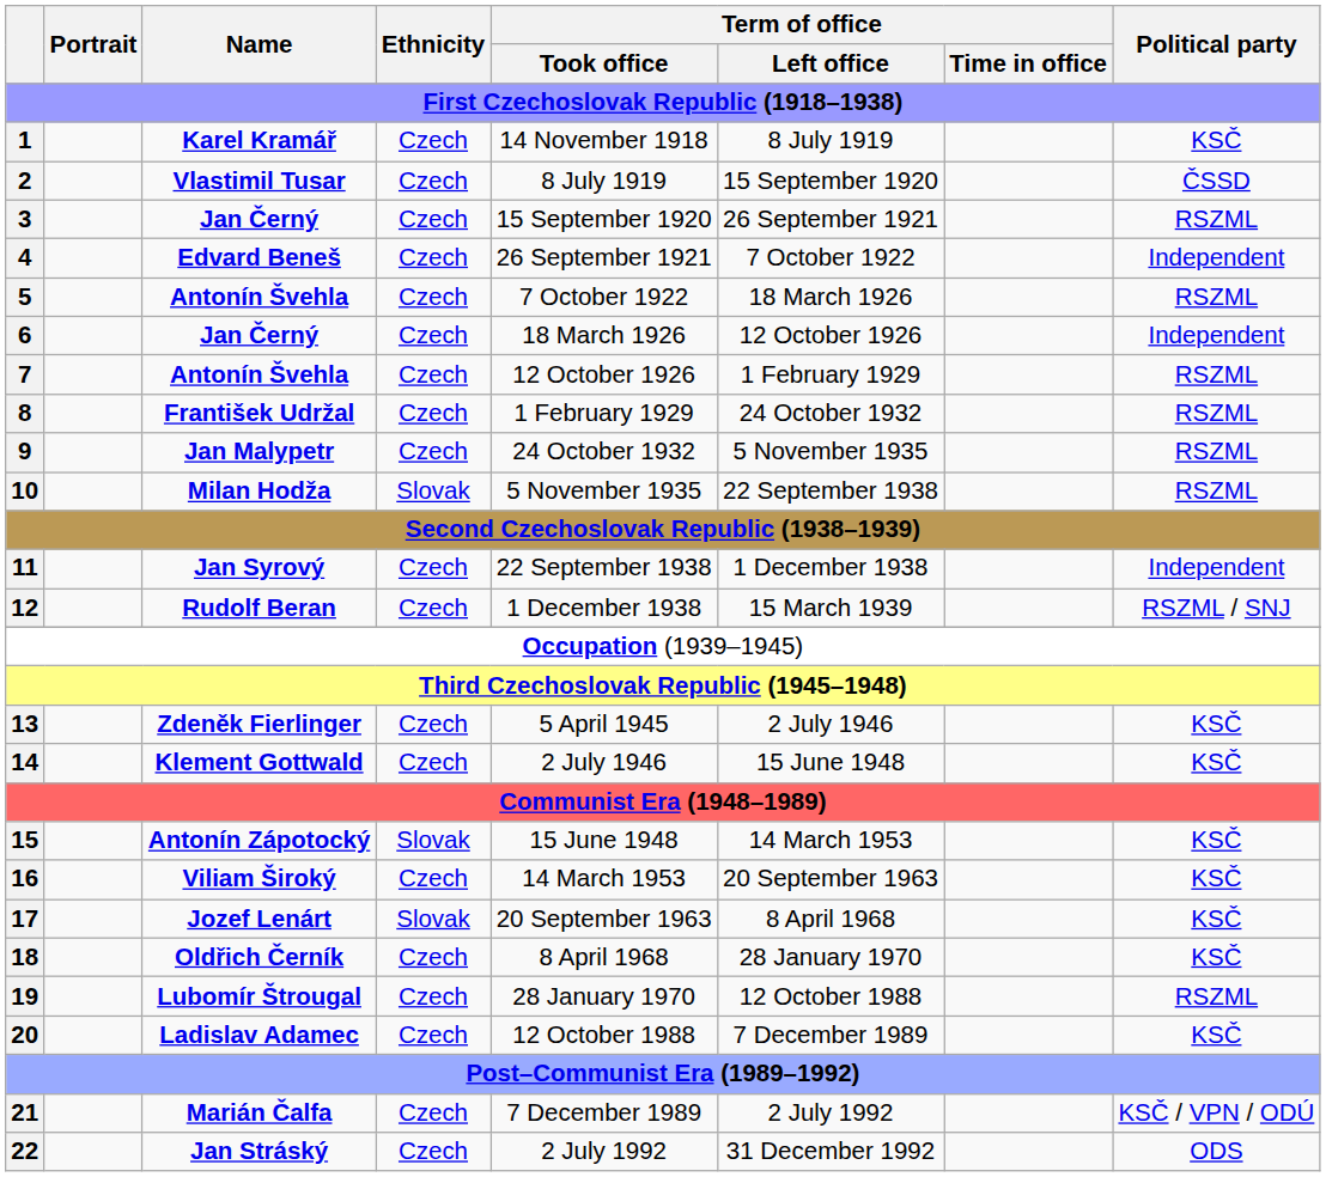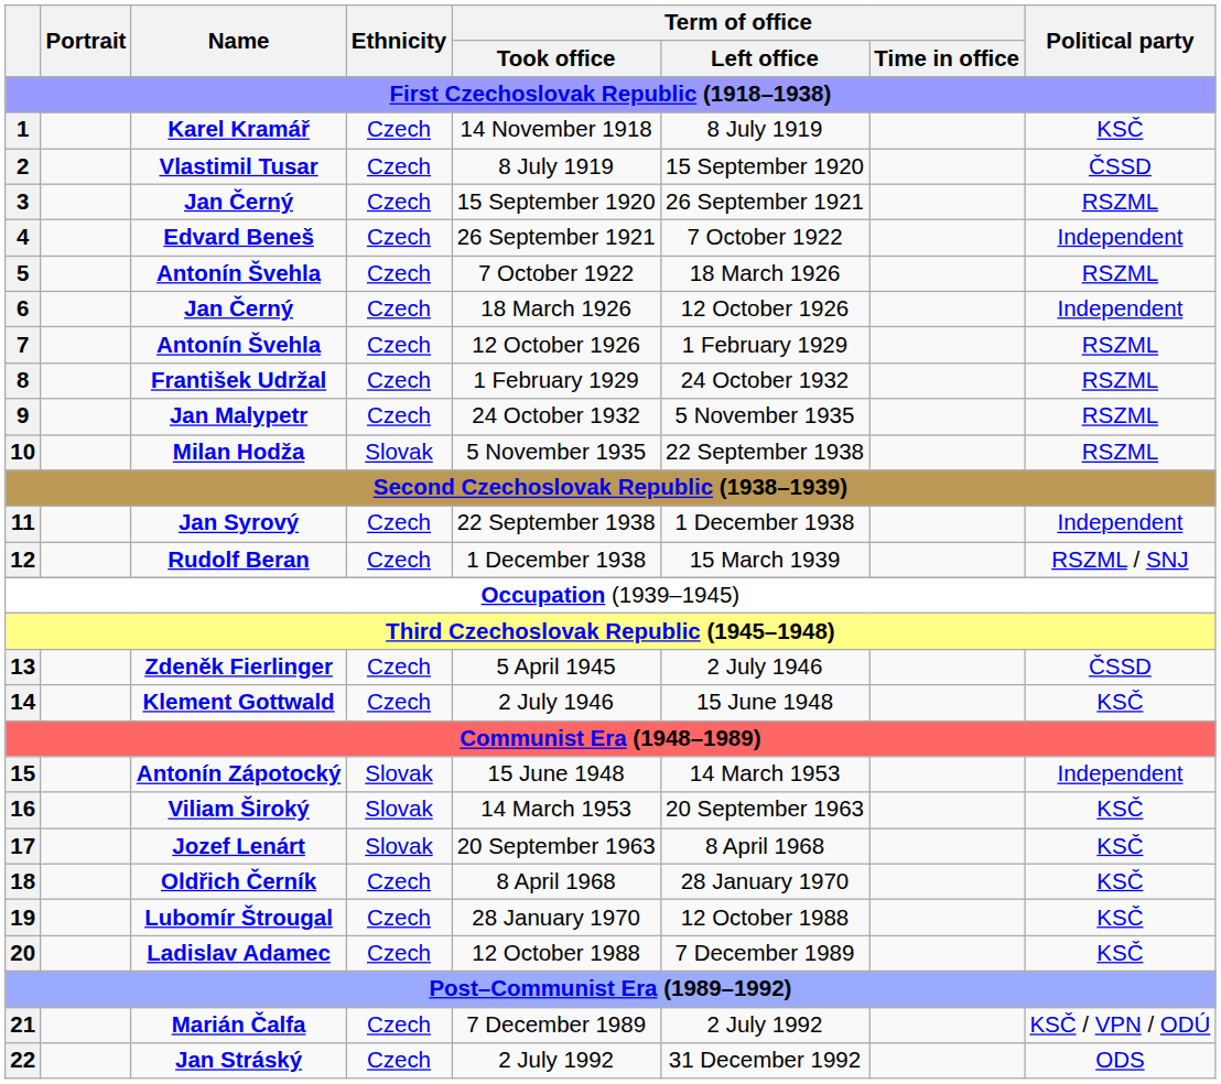 <table class="wikitable" style="text-align:center">
 <tr>
 <th rowspan="2"></th>
 <th rowspan="2">Portrait</th>
 <th rowspan="2">Name</th>
 <th rowspan="2">Ethnicity</th>
 <th colspan="3">Term of office</th>
 <th rowspan="2">Political party</th>
 </tr>
 <tr>
 <th>Took office</th>
 <th>Left office</th>
 <th>Time in office</th>
 </tr>
 <tr>
 <td colspan="8" style="background:#9999FF;"><strong><a href='#'>First Czechoslovak Republic</a> (1918–1938)</strong></td>
 </tr>
 <tr>
 <th style="background:">1</th>
 <td></td>
 <td><strong><a href='#'>Karel Kramář</a></strong><br></td>
 <td><a href='#'>Czech</a></td>
 <td>14 November 1918</td>
 <td>8 July 1919</td>
 <td></td>
 <td><a href='#'>KSČ</a></td>
 </tr>
 <tr>
 <th style="background:">2</th>
 <td></td>
 <td><strong><a href='#'>Vlastimil Tusar</a></strong><br></td>
 <td><a href='#'>Czech</a></td>
 <td>8 July 1919</td>
 <td>15 September 1920</td>
 <td></td>
 <td><a href='#'>ČSSD</a></td>
 </tr>
 <tr>
 <th style="background:">3</th>
 <td></td>
 <td><strong><a href='#'>Jan Černý</a></strong><br></td>
 <td><a href='#'>Czech</a></td>
 <td>15 September 1920</td>
 <td>26 September 1921</td>
 <td></td>
 <td><a href='#'>RSZML</a></td>
 </tr>
 <tr>
 <th style="background:">4</th>
 <td></td>
 <td><strong><a href='#'>Edvard Beneš</a></strong><br></td>
 <td><a href='#'>Czech</a></td>
 <td>26 September 1921</td>
 <td>7 October 1922</td>
 <td></td>
 <td><a href='#'>Independent</a></td>
 </tr>
 <tr>
 <th style="background:">5</th>
 <td></td>
 <td><strong><a href='#'>Antonín Švehla</a></strong><br></td>
 <td><a href='#'>Czech</a></td>
 <td>7 October 1922</td>
 <td>18 March 1926</td>
 <td></td>
 <td><a href='#'>RSZML</a></td>
 </tr>
 <tr>
 <th style="background:">6</th>
 <td></td>
 <td><strong><a href='#'>Jan Černý</a></strong><br></td>
 <td><a href='#'>Czech</a></td>
 <td>18 March 1926</td>
 <td>12 October 1926</td>
 <td></td>
 <td><a href='#'>Independent</a></td>
 </tr>
 <tr>
 <th style="background:">7</th>
 <td></td>
 <td><strong><a href='#'>Antonín Švehla</a></strong><br></td>
 <td><a href='#'>Czech</a></td>
 <td>12 October 1926</td>
 <td>1 February 1929</td>
 <td></td>
 <td><a href='#'>RSZML</a></td>
 </tr>
 <tr>
 <th style="background:">8</th>
 <td></td>
 <td><strong><a href='#'>František Udržal</a></strong><br></td>
 <td><a href='#'>Czech</a></td>
 <td>1 February 1929</td>
 <td>24 October 1932</td>
 <td></td>
 <td><a href='#'>RSZML</a></td>
 </tr>
 <tr>
 <th style="background:">9</th>
 <td></td>
 <td><strong><a href='#'>Jan Malypetr</a></strong><br></td>
 <td><a href='#'>Czech</a></td>
 <td>24 October 1932</td>
 <td>5 November 1935</td>
 <td></td>
 <td><a href='#'>RSZML</a></td>
 </tr>
 <tr>
 <th style="background:">10</th>
 <td></td>
 <td><strong><a href='#'>Milan Hodža</a></strong><br></td>
 <td><a href='#'>Slovak</a></td>
 <td>5 November 1935</td>
 <td>22 September 1938</td>
 <td></td>
 <td><a href='#'>RSZML</a></td>
 </tr>
 <tr>
 <td colspan="8" style="background:#BB9955;"><strong><a href='#'>Second Czechoslovak Republic</a> (1938–1939)</strong></td>
 </tr>
 <tr>
 <th style="background:">11</th>
 <td></td>
 <td><strong><a href='#'>Jan Syrový</a></strong><br></td>
 <td><a href='#'>Czech</a></td>
 <td>22 September 1938</td>
 <td>1 December 1938</td>
 <td></td>
 <td><a href='#'>Independent</a></td>
 </tr>
 <tr>
 <th style="background:">12</th>
 <td></td>
 <td><strong><a href='#'>Rudolf Beran</a></strong><br></td>
 <td><a href='#'>Czech</a></td>
 <td>1 December 1938</td>
 <td>15 March 1939</td>
 <td></td>
 <td><a href='#'>RSZML</a> / <a href='#'>SNJ</a></td>
 </tr>
 <tr style="background:#FFEEEE;">
 </tr>
 <tr>
 <td colspan="8" style="background:#FFFFFF;"><strong><a href='#'>Occupation</a></strong> (1939–1945)<br></td>
 </tr>
 <tr>
 <td colspan="8" style="background:#FFFF88;"><strong><a href='#'>Third Czechoslovak Republic</a> (1945–1948)</strong></td>
 </tr>
 <tr>
 <th style="background:">13</th>
 <td></td>
 <td><strong><a href='#'>Zdeněk Fierlinger</a></strong><br></td>
 <td><a href='#'>Czech</a></td>
 <td>5 April 1945</td>
 <td>2 July 1946</td>
 <td></td>
-<td><a href='#'>KSČ</a></td>
+<td><a href='#'>ČSSD</a></td>
 </tr>
 <tr>
 <th style="background:">14</th>
 <td></td>
 <td><strong><a href='#'>Klement Gottwald</a></strong><br></td>
 <td><a href='#'>Czech</a></td>
 <td>2 July 1946</td>
 <td>15 June 1948</td>
 <td></td>
 <td><a href='#'>KSČ</a></td>
 </tr>
 <tr>
 <td colspan="8" style="background:#FF6666;"><strong><a href='#'>Communist Era</a> (1948–1989)</strong><br></td>
 </tr>
 <tr>
 <th style="background:">15</th>
 <td></td>
 <td><strong><a href='#'>Antonín Zápotocký</a></strong><br></td>
 <td><a href='#'>Slovak</a></td>
 <td>15 June 1948</td>
 <td>14 March 1953</td>
 <td></td>
-<td><a href='#'>KSČ</a></td>
+<td><a href='#'>Independent</a></td>
 </tr>
 <tr>
 <th style="background:">16</th>
 <td></td>
 <td><strong><a href='#'>Viliam Široký</a></strong><br></td>
-<td><a href='#'>Czech</a></td>
+<td><a href='#'>Slovak</a></td>
 <td>14 March 1953</td>
 <td>20 September 1963</td>
 <td></td>
 <td><a href='#'>KSČ</a></td>
 </tr>
 <tr>
 <th style="background:">17</th>
 <td></td>
 <td><strong><a href='#'>Jozef Lenárt</a></strong><br></td>
 <td><a href='#'>Slovak</a></td>
 <td>20 September 1963</td>
 <td>8 April 1968</td>
 <td></td>
 <td><a href='#'>KSČ</a></td>
 </tr>
 <tr>
 <th style="background:">18</th>
 <td></td>
 <td><strong><a href='#'>Oldřich Černík</a></strong><br></td>
 <td><a href='#'>Czech</a></td>
 <td>8 April 1968</td>
 <td>28 January 1970</td>
 <td></td>
 <td><a href='#'>KSČ</a></td>
 </tr>
 <tr>
 <th style="background:">19</th>
 <td></td>
 <td><strong><a href='#'>Lubomír Štrougal</a></strong><br></td>
 <td><a href='#'>Czech</a></td>
 <td>28 January 1970</td>
 <td>12 October 1988</td>
 <td></td>
-<td><a href='#'>RSZML</a></td>
+<td><a href='#'>KSČ</a></td>
 </tr>
 <tr>
 <th style="background:">20</th>
 <td></td>
 <td><strong><a href='#'>Ladislav Adamec</a></strong><br></td>
 <td><a href='#'>Czech</a></td>
 <td>12 October 1988</td>
 <td>7 December 1989</td>
 <td></td>
 <td><a href='#'>KSČ</a></td>
 </tr>
 <tr>
 <td colspan="8" style="background:#99AAFF;"><strong><a href='#'>Post–Communist Era</a> (1989–1992)</strong><br></td>
 </tr>
 <tr>
 <th style="background:">21</th>
 <td></td>
 <td><strong><a href='#'>Marián Čalfa</a></strong><br></td>
 <td><a href='#'>Czech</a></td>
 <td>7 December 1989</td>
 <td>2 July 1992</td>
 <td></td>
 <td><a href='#'>KSČ</a> / <a href='#'>VPN</a> / <a href='#'>ODÚ</a></td>
 </tr>
 <tr>
 <th style="background:">22</th>
 <td></td>
 <td><strong><a href='#'>Jan Stráský</a></strong><br></td>
 <td><a href='#'>Czech</a></td>
 <td>2 July 1992</td>
 <td>31 December 1992</td>
 <td></td>
 <td><a href='#'>ODS</a></td>
 </tr>
 </table>
